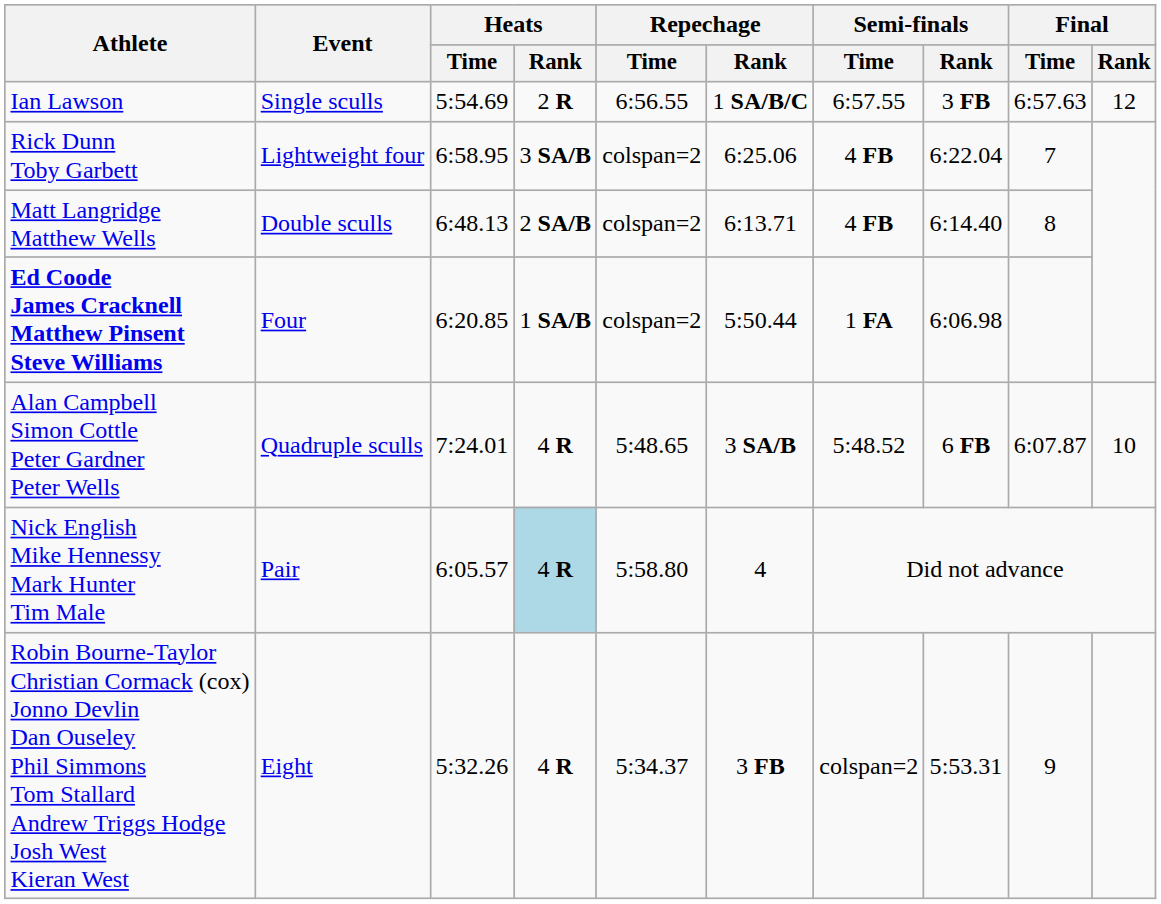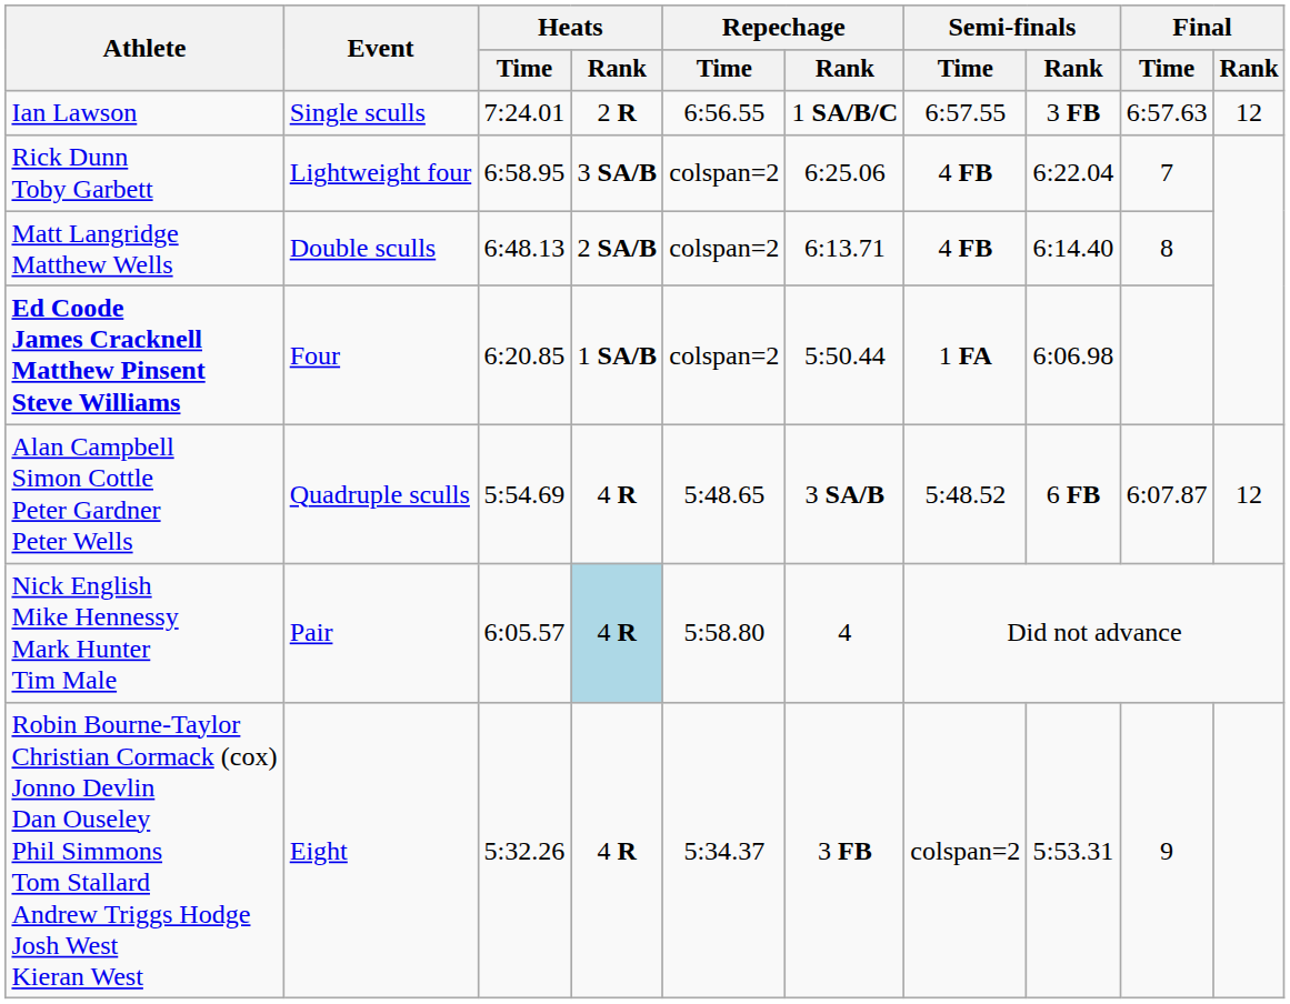 <table class="wikitable" style="font-size:90%;">
 <tr>
 <th rowspan="2">Athlete</th>
 <th rowspan="2">Event</th>
 <th colspan="2">Heats</th>
 <th colspan="2">Repechage</th>
 <th colspan="2">Semi-finals</th>
 <th colspan="2">Final</th>
 </tr>
 <tr style="font-size:95%">
 <th>Time</th>
 <th>Rank</th>
 <th>Time</th>
 <th>Rank</th>
 <th>Time</th>
 <th>Rank</th>
 <th>Time</th>
 <th>Rank</th>
 </tr>
 <tr align=center>
 <td align=left><a href='#'>Ian Lawson</a></td>
 <td align=left><a href='#'>Single sculls</a></td>
-<td>5:54.69</td>
+<td>7:24.01</td>
 <td>2 <strong>R</strong></td>
 <td>6:56.55</td>
 <td>1 <strong>SA/B/C</strong></td>
 <td>6:57.55</td>
 <td>3 <strong>FB</strong></td>
 <td>6:57.63</td>
 <td>12</td>
 </tr>
 <tr align=center>
 <td align=left><a href='#'>Rick Dunn</a><br><a href='#'>Toby Garbett</a></td>
 <td align=left><a href='#'>Lightweight four</a></td>
 <td>6:58.95</td>
 <td>3 <strong>SA/B</strong></td>
 <td>colspan=2 </td>
 <td>6:25.06</td>
 <td>4 <strong>FB</strong></td>
 <td>6:22.04</td>
 <td>7</td>
 </tr>
 <tr align=center>
 <td align=left><a href='#'>Matt Langridge</a><br><a href='#'>Matthew Wells</a></td>
 <td align=left><a href='#'>Double sculls</a></td>
 <td>6:48.13</td>
 <td>2 <strong>SA/B</strong></td>
 <td>colspan=2 </td>
 <td>6:13.71</td>
 <td>4 <strong>FB</strong></td>
 <td>6:14.40</td>
 <td>8</td>
 </tr>
 <tr align=center>
 <td align=left><strong><a href='#'>Ed Coode</a><br><a href='#'>James Cracknell</a><br><a href='#'>Matthew Pinsent</a><br><a href='#'>Steve Williams</a></strong></td>
 <td align=left><a href='#'>Four</a></td>
 <td>6:20.85</td>
 <td>1 <strong>SA/B</strong></td>
 <td>colspan=2 </td>
 <td>5:50.44</td>
 <td>1 <strong>FA</strong></td>
 <td>6:06.98</td>
 <td></td>
 </tr>
 <tr align=center>
 <td align=left><a href='#'>Alan Campbell</a><br><a href='#'>Simon Cottle</a><br><a href='#'>Peter Gardner</a><br><a href='#'>Peter Wells</a></td>
 <td align=left><a href='#'>Quadruple sculls</a></td>
-<td>7:24.01</td>
+<td>5:54.69</td>
 <td>4 <strong>R</strong></td>
 <td>5:48.65</td>
 <td>3 <strong>SA/B</strong></td>
 <td>5:48.52</td>
 <td>6 <strong>FB</strong></td>
 <td>6:07.87</td>
-<td>10</td>
+<td>12</td>
 </tr>
 <tr align=center>
 <td align=left><a href='#'>Nick English</a><br><a href='#'>Mike Hennessy</a><br><a href='#'>Mark Hunter</a><br><a href='#'>Tim Male</a></td>
 <td align=left><a href='#'>Pair</a></td>
 <td>6:05.57</td>
 <td style="background: lightblue;">4 <strong>R</strong></td>
 <td>5:58.80</td>
 <td>4</td>
 <td colspan=4>Did not advance</td>
 </tr>
 <tr align=center>
 <td align=left><a href='#'>Robin Bourne-Taylor</a><br><a href='#'>Christian Cormack</a> (cox)<br><a href='#'>Jonno Devlin</a><br><a href='#'>Dan Ouseley</a><br><a href='#'>Phil Simmons</a><br><a href='#'>Tom Stallard</a><br><a href='#'>Andrew Triggs Hodge</a><br><a href='#'>Josh West</a><br><a href='#'>Kieran West</a></td>
 <td align=left><a href='#'>Eight</a></td>
 <td>5:32.26</td>
 <td>4 <strong>R</strong></td>
 <td>5:34.37</td>
 <td>3 <strong>FB</strong></td>
 <td>colspan=2 </td>
 <td>5:53.31</td>
 <td>9</td>
 </tr>
 </table>
